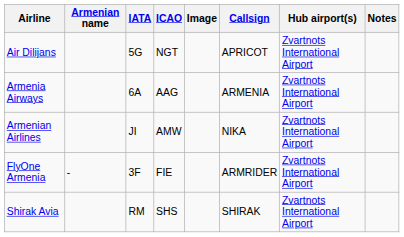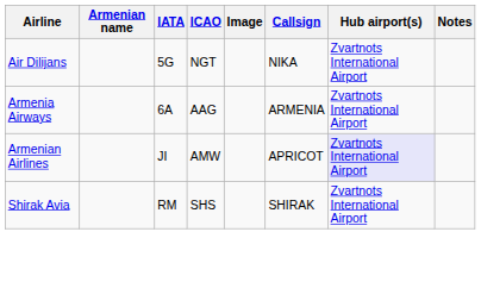 <table class="wikitable sortable" style="border: 0; cellpadding: 2; cellspacing: 3;">
 <tr valign="middle">
 <th>Airline</th>
 <th><a href='#'>Armenian</a> name</th>
 <th><a href='#'>IATA</a></th>
 <th><a href='#'>ICAO</a></th>
 <th>Image</th>
 <th><a href='#'>Callsign</a></th>
 <th>Hub airport(s)</th>
 <th class="unsortable">Notes</th>
 </tr>
 <tr>
 <td><a href='#'>Air Dilijans</a></td>
 <td></td>
 <td>5G</td>
 <td>NGT</td>
 <td></td>
-<td>APRICOT</td>
+<td>NIKA</td>
 <td><a href='#'>Zvartnots International Airport</a></td>
 <td></td>
 </tr>
 <tr>
 <td><a href='#'>Armenia Airways</a></td>
 <td></td>
 <td>6A</td>
 <td>AAG</td>
 <td></td>
 <td>ARMENIA</td>
 <td><a href='#'>Zvartnots International Airport</a></td>
 <td></td>
 </tr>
 <tr>
 <td><a href='#'>Armenian Airlines</a></td>
 <td></td>
 <td>JI</td>
 <td>AMW</td>
 <td></td>
-<td>NIKA</td>
-<td><a href='#'>Zvartnots International Airport</a></td>
-<td></td>
-</tr>
-<tr>
-<td><a href='#'>FlyOne Armenia</a></td>
-<td>-</td>
-<td>3F</td>
-<td>FIE</td>
-<td></td>
-<td>ARMRIDER</td>
-<td><a href='#'>Zvartnots International Airport</a></td>
+<td>APRICOT</td>
+<td style="background: lavender;"><a href='#'>Zvartnots International Airport</a></td>
 <td></td>
 </tr>
 <tr>
 <td><a href='#'>Shirak Avia</a></td>
 <td></td>
 <td>RM</td>
 <td>SHS</td>
 <td></td>
 <td>SHIRAK</td>
 <td><a href='#'>Zvartnots International Airport</a></td>
 <td></td>
 </tr>
 <tr>
 </tr>
 </table>
